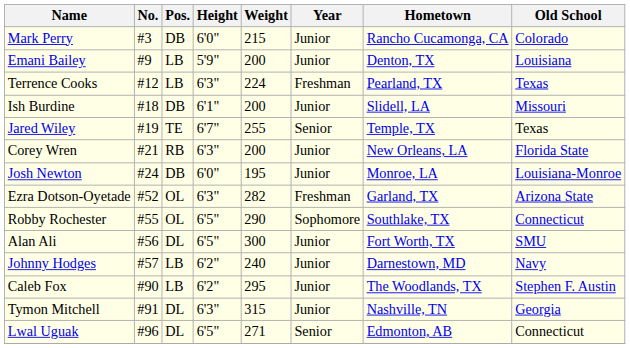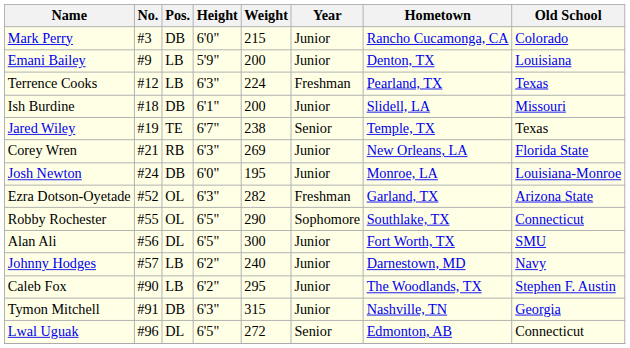 <table class="wikitable sortable">
 <tr>
 <th>Name</th>
 <th>No.</th>
 <th>Pos.</th>
 <th>Height</th>
 <th>Weight</th>
 <th>Year</th>
 <th>Hometown</th>
 <th class="unsortable">Old School</th>
 </tr>
 <tr style="background:#FFFFE6;">
 <td><a href='#'>Mark Perry</a></td>
 <td>#3</td>
 <td>DB</td>
 <td>6'0"</td>
 <td>215</td>
 <td>Junior</td>
 <td><a href='#'>Rancho Cucamonga, CA</a></td>
 <td><a href='#'>Colorado</a></td>
 </tr>
 <tr style="background:#FFFFE6;">
 <td><a href='#'>Emani Bailey</a></td>
 <td>#9</td>
 <td>LB</td>
 <td>5'9"</td>
 <td>200</td>
 <td>Junior</td>
 <td><a href='#'>Denton, TX</a></td>
 <td><a href='#'>Louisiana</a></td>
 </tr>
 <tr style="background:#FFFFE6;">
 <td>Terrence Cooks</td>
 <td>#12</td>
 <td>LB</td>
 <td>6'3"</td>
 <td>224</td>
 <td> Freshman</td>
 <td><a href='#'>Pearland, TX</a></td>
 <td><a href='#'>Texas</a></td>
 </tr>
 <tr style="background:#FFFFE6;">
 <td>Ish Burdine</td>
 <td>#18</td>
 <td>DB</td>
 <td>6'1"</td>
 <td>200</td>
 <td>Junior</td>
 <td><a href='#'>Slidell, LA</a></td>
 <td><a href='#'>Missouri</a></td>
 </tr>
 <tr style="background:#FFFFE6;">
 <td><a href='#'>Jared Wiley</a></td>
 <td>#19</td>
 <td>TE</td>
 <td>6'7"</td>
-<td>255</td>
+<td>238</td>
 <td>Senior</td>
 <td><a href='#'>Temple, TX</a></td>
 <td>Texas</td>
 </tr>
 <tr style="background:#FFFFE6;">
 <td>Corey Wren</td>
 <td>#21</td>
 <td>RB</td>
 <td>6'3"</td>
-<td>200</td>
+<td>269</td>
 <td>Junior</td>
 <td><a href='#'>New Orleans, LA</a></td>
 <td><a href='#'>Florida State</a></td>
 </tr>
 <tr style="background:#FFFFE6;">
 <td><a href='#'>Josh Newton</a></td>
 <td>#24</td>
 <td>DB</td>
 <td>6'0"</td>
 <td>195</td>
 <td>Junior</td>
 <td><a href='#'>Monroe, LA</a></td>
 <td><a href='#'>Louisiana-Monroe</a></td>
 </tr>
 <tr style="background:#FFFFE6;">
 <td>Ezra Dotson-Oyetade</td>
 <td>#52</td>
 <td>OL</td>
 <td>6'3"</td>
 <td>282</td>
 <td> Freshman</td>
 <td><a href='#'>Garland, TX</a></td>
 <td><a href='#'>Arizona State</a></td>
 </tr>
 <tr style="background:#FFFFE6;">
 <td>Robby Rochester</td>
 <td>#55</td>
 <td>OL</td>
 <td>6'5"</td>
 <td>290</td>
 <td>Sophomore</td>
 <td><a href='#'>Southlake, TX</a></td>
 <td><a href='#'>Connecticut</a></td>
 </tr>
 <tr style="background:#FFFFE6;">
 <td>Alan Ali</td>
 <td>#56</td>
 <td>DL</td>
 <td>6'5"</td>
 <td>300</td>
 <td>Junior</td>
 <td><a href='#'>Fort Worth, TX</a></td>
 <td><a href='#'>SMU</a></td>
 </tr>
 <tr style="background:#FFFFE6;">
 <td><a href='#'>Johnny Hodges</a></td>
 <td>#57</td>
 <td>LB</td>
 <td>6'2"</td>
 <td>240</td>
 <td>Junior</td>
 <td><a href='#'>Darnestown, MD</a></td>
 <td><a href='#'>Navy</a></td>
 </tr>
 <tr style="background:#FFFFE6;">
 <td>Caleb Fox</td>
 <td>#90</td>
 <td>LB</td>
 <td>6'2"</td>
 <td>295</td>
 <td>Junior</td>
 <td><a href='#'>The Woodlands, TX</a></td>
 <td><a href='#'>Stephen F. Austin</a></td>
 </tr>
 <tr style="background:#FFFFE6;">
 <td>Tymon Mitchell</td>
 <td>#91</td>
-<td>DL</td>
+<td>DB</td>
 <td>6'3"</td>
 <td>315</td>
 <td>Junior</td>
 <td><a href='#'>Nashville, TN</a></td>
 <td><a href='#'>Georgia</a></td>
 </tr>
 <tr style="background:#FFFFE6;">
 <td><a href='#'>Lwal Uguak</a></td>
 <td>#96</td>
 <td>DL</td>
 <td>6'5"</td>
-<td>271</td>
+<td>272</td>
 <td>Senior</td>
 <td><a href='#'>Edmonton, AB</a></td>
 <td>Connecticut</td>
 </tr>
 <tr style="background:#FFFFE6;">
 </tr>
 <tr>
 </tr>
 </table>
